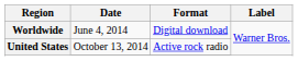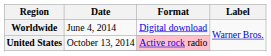 <table class="wikitable plainrowheaders">
 <tr>
 <th>Region</th>
 <th>Date</th>
 <th>Format</th>
 <th>Label</th>
 </tr>
 <tr>
 <th scope="row">Worldwide</th>
 <td>June 4, 2014</td>
 <td><a href='#'>Digital download</a></td>
 <td rowspan="3"><a href='#'>Warner Bros.</a></td>
 </tr>
 <tr>
 <th scope="row" rowspan="2">United States</th>
 <td>October 13, 2014</td>
-<td><a href='#'>Active rock</a> radio</td>
+<td style="background: pink;"><a href='#'>Active rock</a> radio</td>
 </tr>
 <tr>
 </tr>
 </table>
